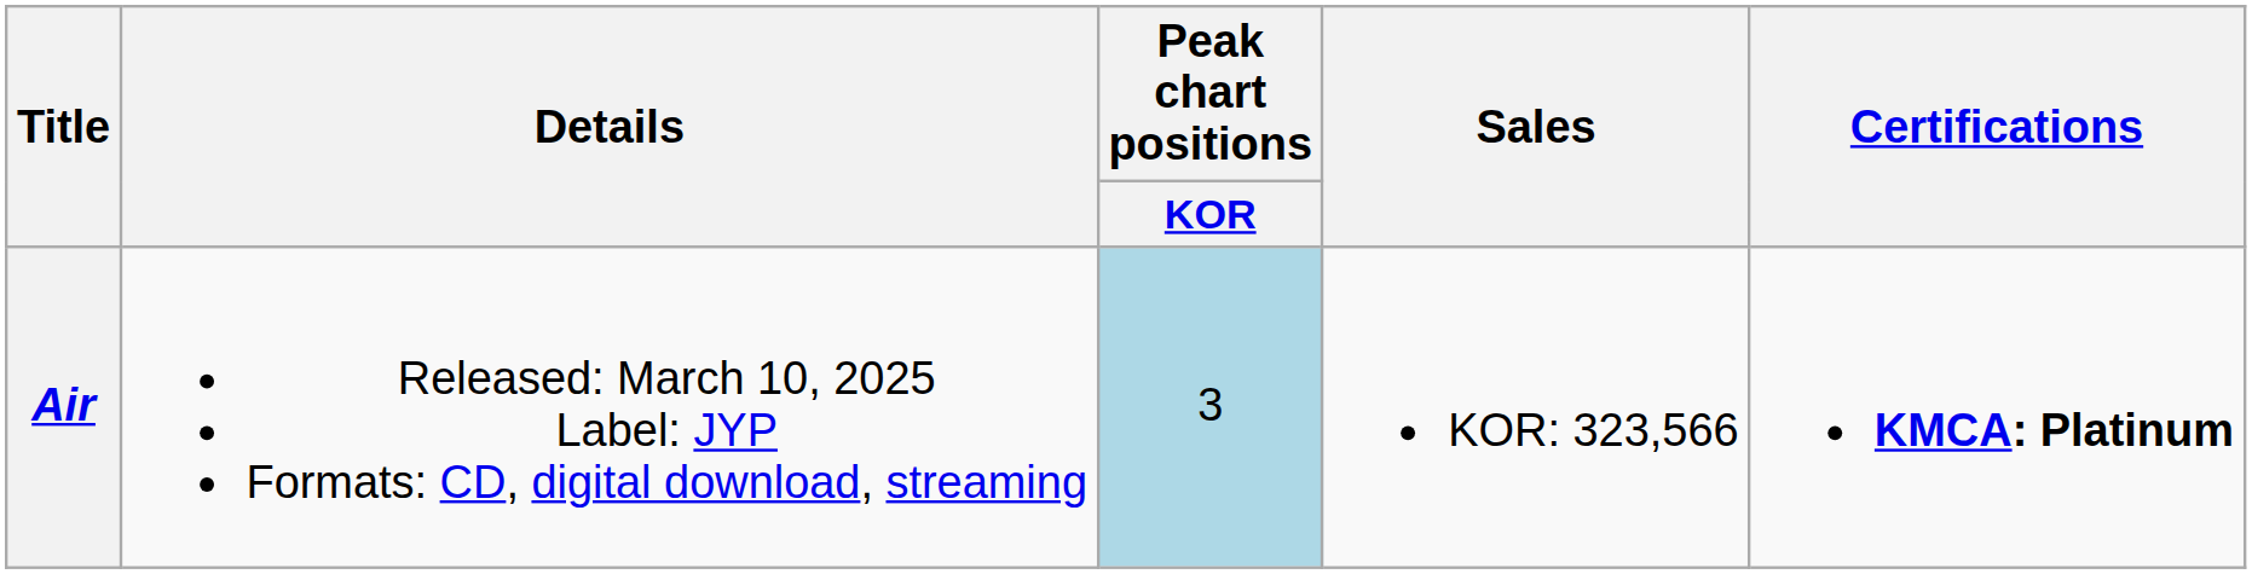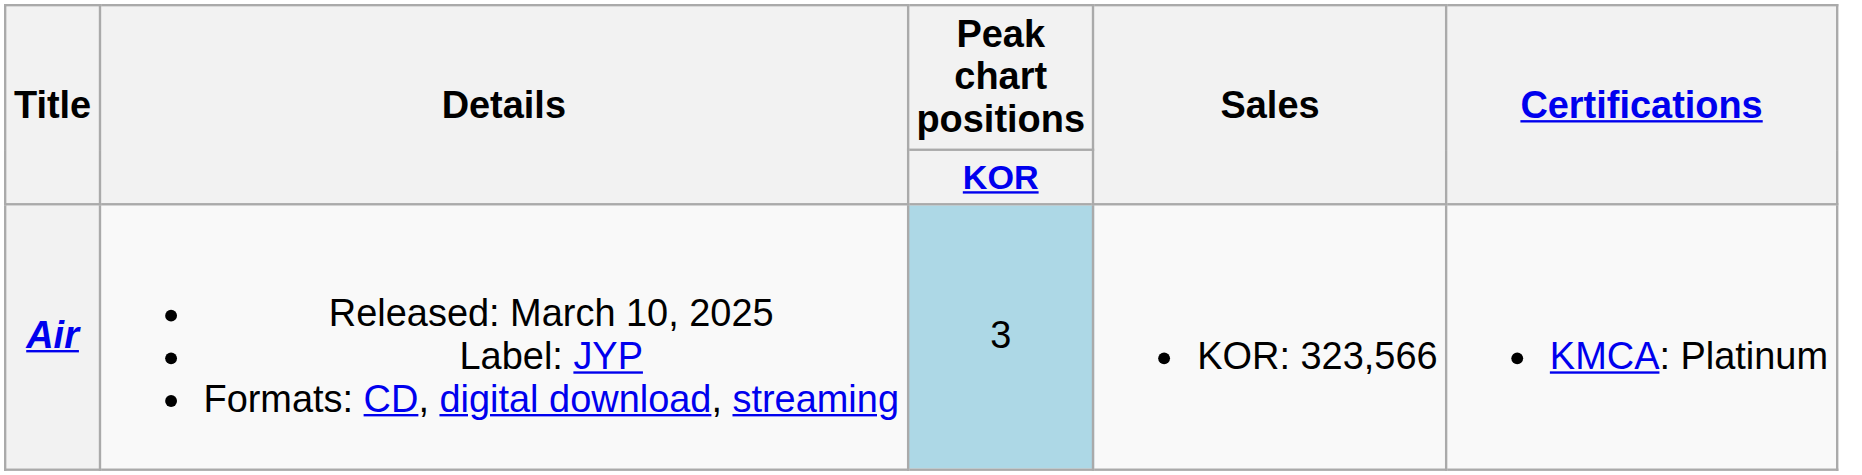 <table class="wikitable plainrowheaders" style="text-align:center">
 <tr>
 <th scope="col" rowspan="2">Title</th>
 <th scope="col" rowspan="2">Details</th>
 <th scope="col">Peak chart positions</th>
 <th scope="col" rowspan="2">Sales</th>
 <th scope="col" rowspan="2"><a href='#'>Certifications</a></th>
 </tr>
 <tr>
 <th scope="col" style="width:3em;font-size:90%"><a href='#'>KOR</a><br></th>
 </tr>
 <tr>
 <th scope="row"><em><a href='#'>Air</a></em></th>
 <td><br><ul><li>Released: March 10, 2025</li><li>Label: <a href='#'>JYP</a></li><li>Formats: <a href='#'>CD</a>, <a href='#'>digital download</a>, <a href='#'>streaming</a></li></ul></td>
 <td style="background: lightblue;">3</td>
 <td><br><ul><li>KOR: 323,566</li></ul></td>
-<td><strong><br><ul><li><a href='#'>KMCA</a>: Platinum</li></ul></strong></td>
+<td><br><ul><li><a href='#'>KMCA</a>: Platinum</li></ul></td>
 </tr>
 </table>
